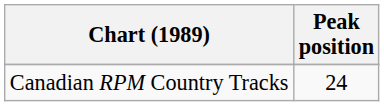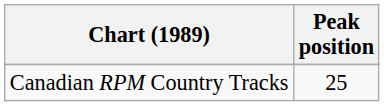 <table class="wikitable sortable">
 <tr>
 <th align="left">Chart (1989)</th>
 <th align="center">Peak<br>position</th>
 </tr>
 <tr>
 </tr>
 <tr>
 <td align="left">Canadian <em>RPM</em> Country Tracks</td>
-<td align="center">24</td>
+<td align="center">25</td>
 </tr>
 </table>
